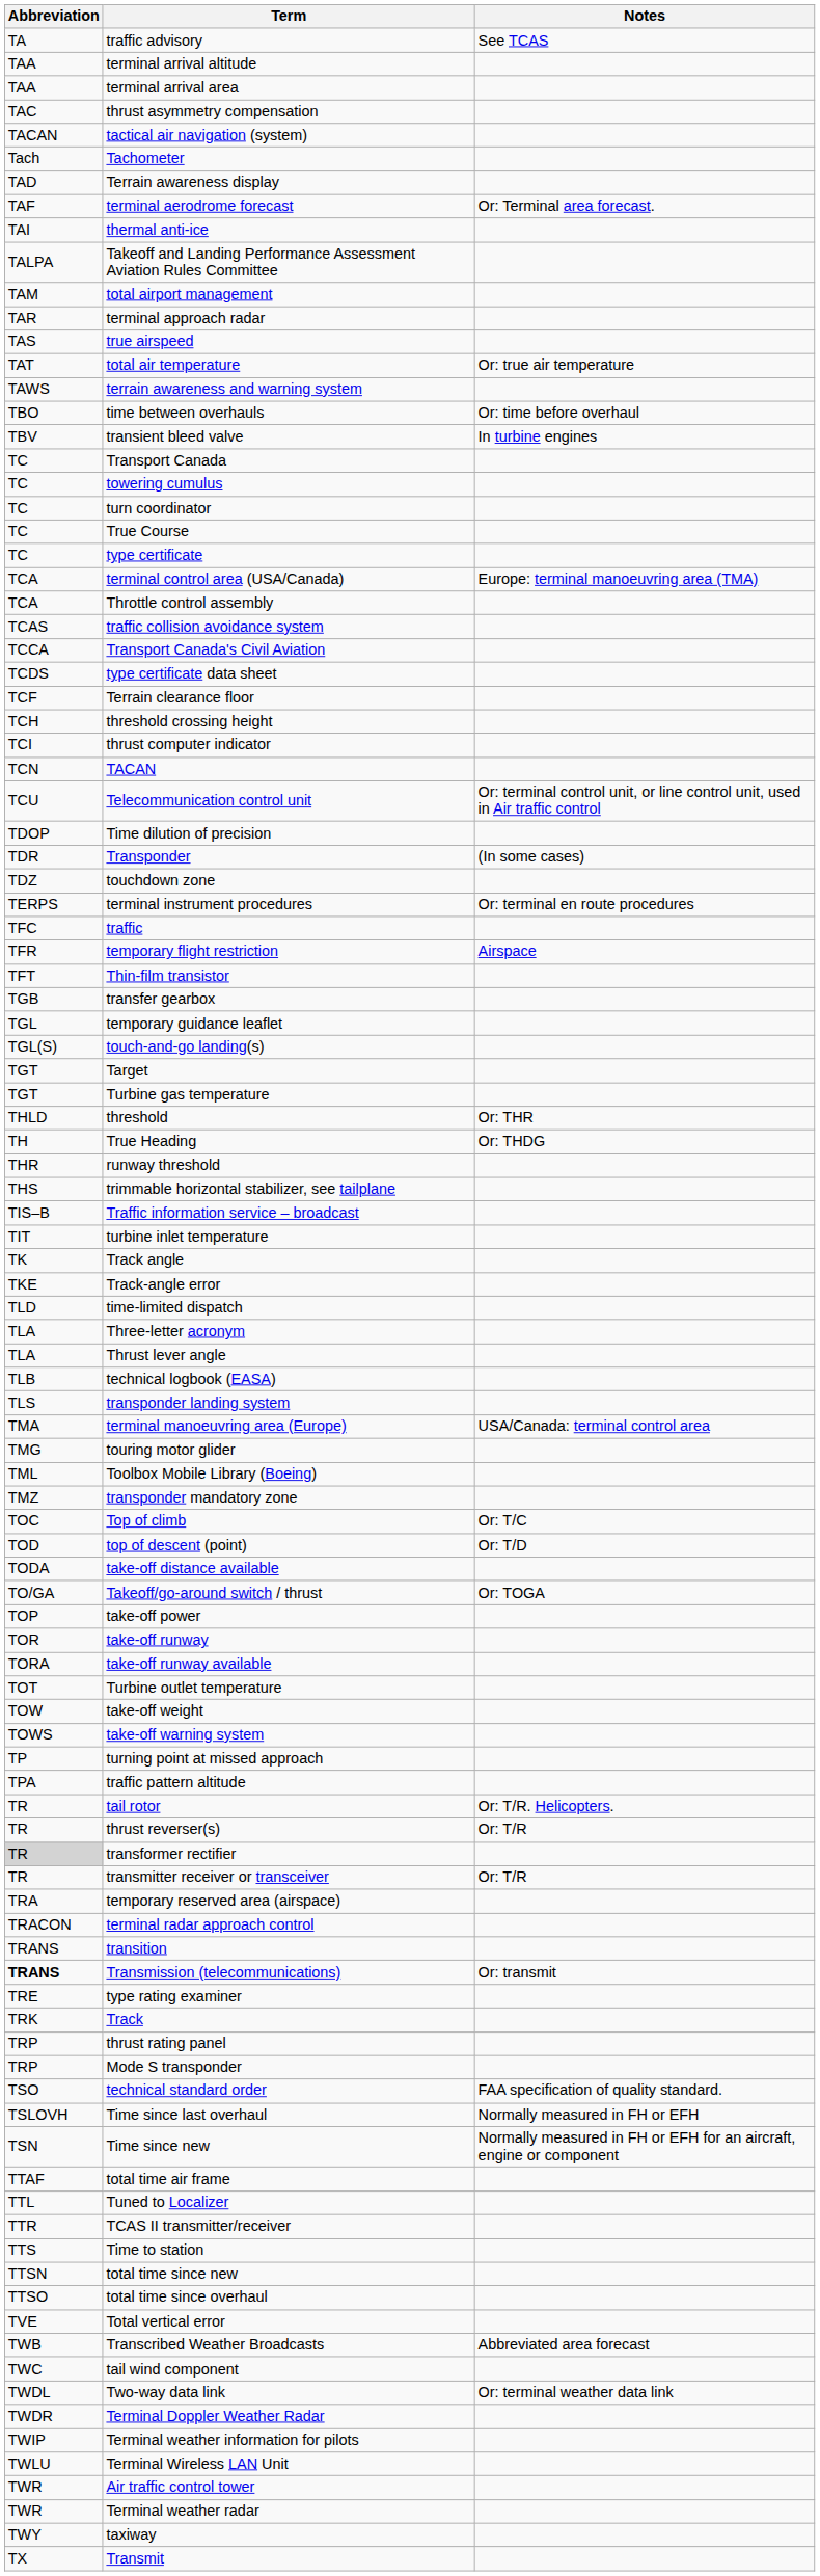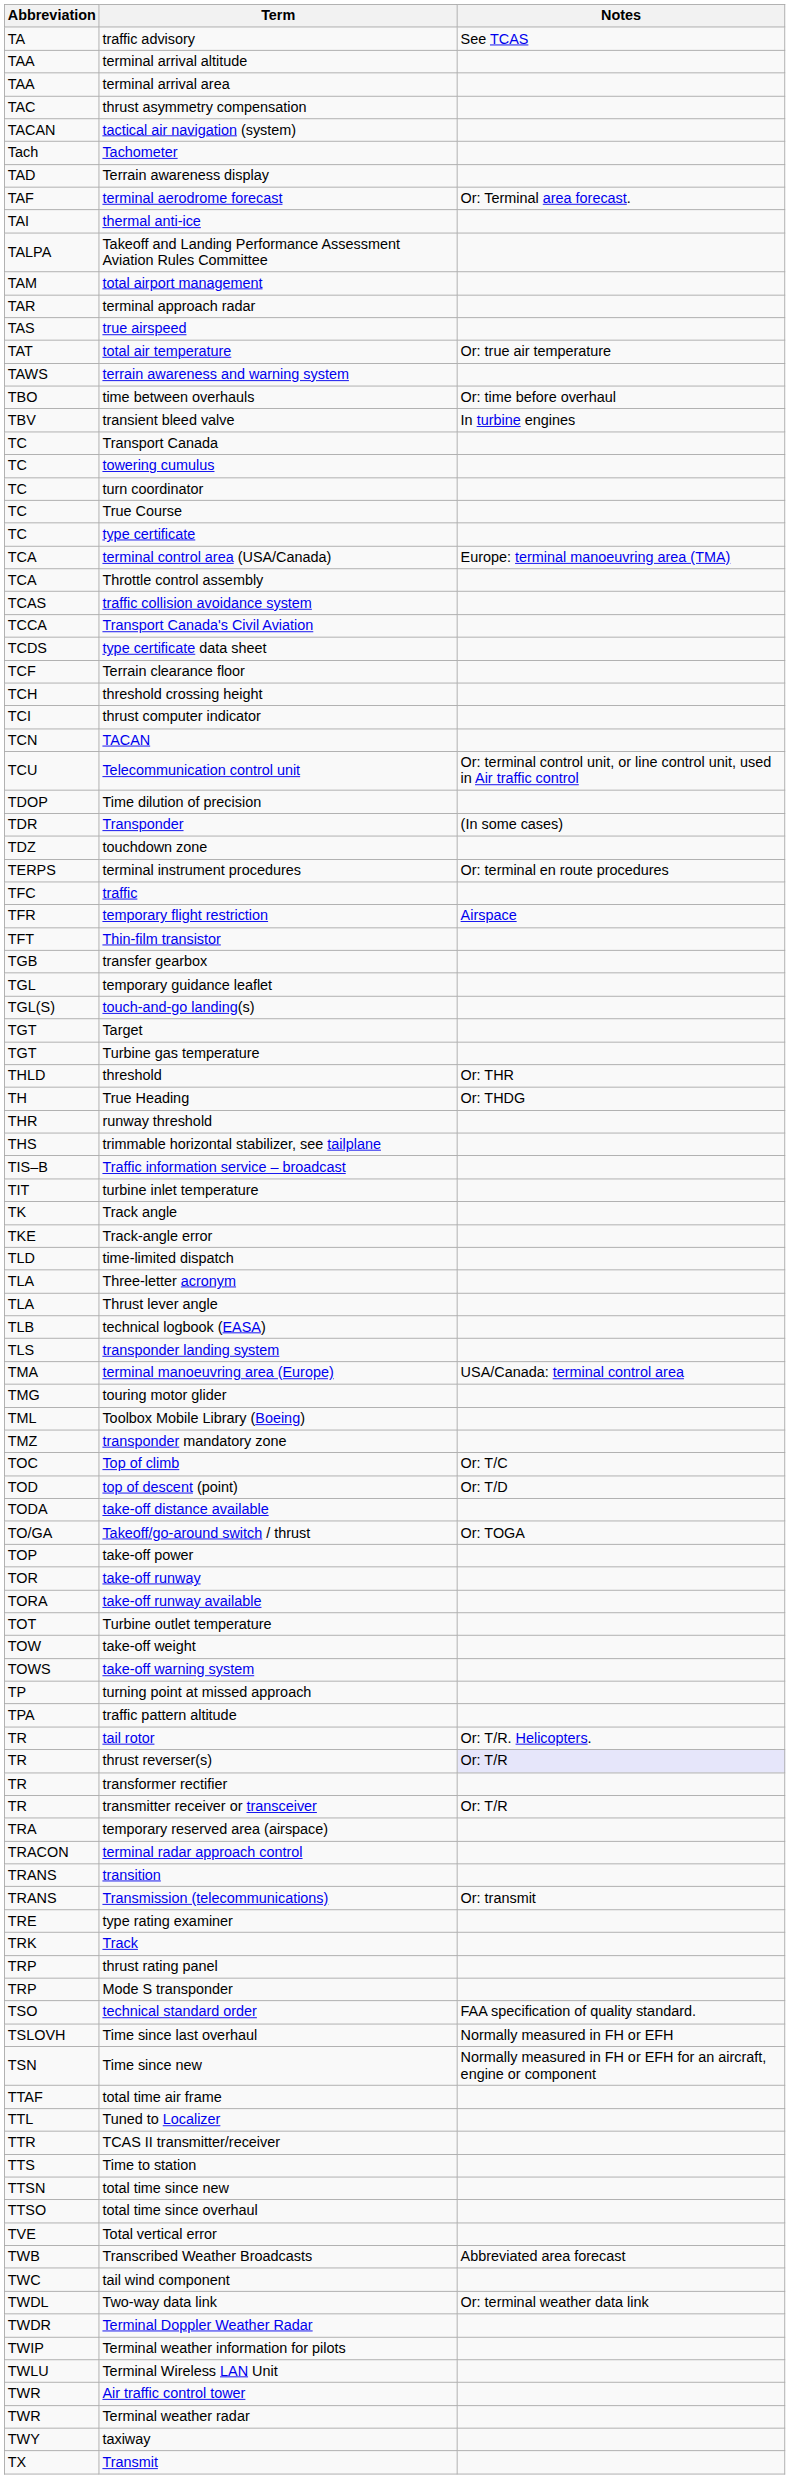 <table class="wikitable">
 <tr>
 <th>Abbreviation</th>
 <th>Term</th>
 <th>Notes</th>
 </tr>
 <tr>
 <td>TA</td>
 <td>traffic advisory</td>
 <td>See <a href='#'>TCAS</a></td>
 </tr>
 <tr>
 <td>TAA</td>
 <td>terminal arrival altitude</td>
 <td></td>
 </tr>
 <tr>
 <td>TAA</td>
 <td>terminal arrival area</td>
 <td></td>
 </tr>
 <tr>
 <td>TAC</td>
 <td>thrust asymmetry compensation</td>
 <td></td>
 </tr>
 <tr>
 <td>TACAN</td>
 <td><a href='#'>tactical air navigation</a> (system)</td>
 <td></td>
 </tr>
 <tr>
 <td>Tach</td>
 <td><a href='#'>Tachometer</a></td>
 <td></td>
 </tr>
 <tr>
 <td>TAD</td>
 <td>Terrain awareness display</td>
 <td></td>
 </tr>
 <tr>
 <td>TAF</td>
 <td><a href='#'>terminal aerodrome forecast</a></td>
 <td>Or: Terminal <a href='#'>area forecast</a>.</td>
 </tr>
 <tr>
 <td>TAI</td>
 <td><a href='#'>thermal anti-ice</a></td>
 <td></td>
 </tr>
 <tr>
 <td>TALPA</td>
 <td>Takeoff and Landing Performance Assessment Aviation Rules Committee</td>
 </tr>
 <tr>
 <td>TAM</td>
 <td><a href='#'>total airport management</a></td>
 <td></td>
 </tr>
 <tr>
 <td>TAR</td>
 <td>terminal approach radar</td>
 <td></td>
 </tr>
 <tr>
 <td>TAS</td>
 <td><a href='#'>true airspeed</a></td>
 <td></td>
 </tr>
 <tr>
 <td>TAT</td>
 <td><a href='#'>total air temperature</a></td>
 <td>Or: true air temperature</td>
 </tr>
 <tr>
 <td>TAWS</td>
 <td><a href='#'>terrain awareness and warning system</a></td>
 <td></td>
 </tr>
 <tr>
 <td>TBO</td>
 <td>time between overhauls</td>
 <td>Or: time before overhaul</td>
 </tr>
 <tr>
 <td>TBV</td>
 <td>transient bleed valve</td>
 <td>In <a href='#'>turbine</a> engines</td>
 </tr>
 <tr>
 <td>TC</td>
 <td>Transport Canada</td>
 <td></td>
 </tr>
 <tr>
 <td>TC</td>
 <td><a href='#'>towering cumulus</a></td>
 <td></td>
 </tr>
 <tr>
 <td>TC</td>
 <td>turn coordinator</td>
 <td></td>
 </tr>
 <tr>
 <td>TC</td>
 <td>True Course</td>
 <td></td>
 </tr>
 <tr>
 <td>TC</td>
 <td><a href='#'>type certificate</a></td>
 <td></td>
 </tr>
 <tr>
 <td>TCA</td>
 <td><a href='#'>terminal control area</a> (USA/Canada)</td>
 <td>Europe: <a href='#'>terminal manoeuvring area (TMA)</a></td>
 </tr>
 <tr>
 <td>TCA</td>
 <td>Throttle control assembly</td>
 <td></td>
 </tr>
 <tr>
 <td>TCAS</td>
 <td><a href='#'>traffic collision avoidance system</a></td>
 <td></td>
 </tr>
 <tr>
 <td>TCCA</td>
 <td><a href='#'>Transport Canada's Civil Aviation</a></td>
 <td></td>
 </tr>
 <tr>
 <td>TCDS</td>
 <td><a href='#'>type certificate</a> data sheet</td>
 <td></td>
 </tr>
 <tr>
 <td>TCF</td>
 <td>Terrain clearance floor</td>
 <td></td>
 </tr>
 <tr>
 <td>TCH</td>
 <td>threshold crossing height</td>
 <td></td>
 </tr>
 <tr>
 <td>TCI</td>
 <td>thrust computer indicator</td>
 <td></td>
 </tr>
 <tr>
 <td>TCN</td>
 <td><a href='#'>TACAN</a></td>
 <td></td>
 </tr>
 <tr>
 <td>TCU</td>
 <td><a href='#'>Telecommunication control unit</a></td>
 <td>Or: terminal control unit, or line control unit, used in <a href='#'>Air traffic control</a></td>
 </tr>
 <tr>
 <td>TDOP</td>
 <td>Time dilution of precision</td>
 <td></td>
 </tr>
 <tr>
 <td>TDR</td>
 <td><a href='#'>Transponder</a></td>
 <td>(In some cases)</td>
 </tr>
 <tr>
 <td>TDZ</td>
 <td>touchdown zone</td>
 <td></td>
 </tr>
 <tr>
 <td>TERPS</td>
 <td>terminal instrument procedures</td>
 <td>Or: terminal en route procedures</td>
 </tr>
 <tr>
 <td>TFC</td>
 <td><a href='#'>traffic</a></td>
 <td></td>
 </tr>
 <tr>
 <td>TFR</td>
 <td><a href='#'>temporary flight restriction</a></td>
 <td><a href='#'>Airspace</a></td>
 </tr>
 <tr>
 <td>TFT</td>
 <td><a href='#'>Thin-film transistor</a></td>
 <td></td>
 </tr>
 <tr>
 <td>TGB</td>
 <td>transfer gearbox</td>
 <td></td>
 </tr>
 <tr>
 <td>TGL</td>
 <td>temporary guidance leaflet</td>
 <td></td>
 </tr>
 <tr>
 <td>TGL(S)</td>
 <td><a href='#'>touch-and-go landing</a>(s)</td>
 <td></td>
 </tr>
 <tr>
 <td>TGT</td>
 <td>Target</td>
 <td></td>
 </tr>
 <tr>
 <td>TGT</td>
 <td>Turbine gas temperature</td>
 <td></td>
 </tr>
 <tr>
 <td>THLD</td>
 <td>threshold</td>
 <td>Or: THR</td>
 </tr>
 <tr>
 <td>TH</td>
 <td>True Heading</td>
 <td>Or: THDG</td>
 </tr>
 <tr>
 <td>THR</td>
 <td>runway threshold</td>
 <td></td>
 </tr>
 <tr>
 <td>THS</td>
 <td>trimmable horizontal stabilizer, see <a href='#'>tailplane</a></td>
 <td></td>
 </tr>
 <tr>
 <td>TIS–B</td>
 <td><a href='#'>Traffic information service – broadcast</a></td>
 <td></td>
 </tr>
 <tr>
 <td>TIT</td>
 <td>turbine inlet temperature</td>
 <td></td>
 </tr>
 <tr>
 <td>TK</td>
 <td>Track angle</td>
 <td></td>
 </tr>
 <tr>
 <td>TKE</td>
 <td>Track-angle error</td>
 <td></td>
 </tr>
 <tr>
 <td>TLD</td>
 <td>time-limited dispatch</td>
 <td></td>
 </tr>
 <tr>
 <td>TLA</td>
 <td>Three-letter <a href='#'>acronym</a></td>
 <td></td>
 </tr>
 <tr>
 <td>TLA</td>
 <td>Thrust lever angle</td>
 <td></td>
 </tr>
 <tr>
 <td>TLB</td>
 <td>technical logbook (<a href='#'>EASA</a>)</td>
 <td></td>
 </tr>
 <tr>
 <td>TLS</td>
 <td><a href='#'>transponder landing system</a></td>
 <td></td>
 </tr>
 <tr>
 <td>TMA</td>
 <td><a href='#'>terminal manoeuvring area (Europe)</a></td>
 <td>USA/Canada: <a href='#'>terminal control area</a></td>
 </tr>
 <tr>
 <td>TMG</td>
 <td>touring motor glider</td>
 </tr>
 <tr>
 <td>TML</td>
 <td>Toolbox Mobile Library (<a href='#'>Boeing</a>)</td>
 <td></td>
 </tr>
 <tr>
 <td>TMZ</td>
 <td><a href='#'>transponder</a> mandatory zone</td>
 <td></td>
 </tr>
 <tr>
 <td>TOC</td>
 <td><a href='#'>Top of climb</a></td>
 <td>Or: T/C</td>
 </tr>
 <tr>
 <td>TOD</td>
 <td><a href='#'>top of descent</a> (point)</td>
 <td>Or: T/D</td>
 </tr>
 <tr>
 <td>TODA</td>
 <td><a href='#'>take-off distance available</a></td>
 <td></td>
 </tr>
 <tr>
 <td>TO/GA</td>
 <td><a href='#'>Takeoff/go-around switch</a> / thrust</td>
 <td>Or: TOGA</td>
 </tr>
 <tr>
 <td>TOP</td>
 <td>take-off power</td>
 <td></td>
 </tr>
 <tr>
 <td>TOR</td>
 <td><a href='#'>take-off runway</a></td>
 <td></td>
 </tr>
 <tr>
 <td>TORA</td>
 <td><a href='#'>take-off runway available</a></td>
 <td></td>
 </tr>
 <tr>
 <td>TOT</td>
 <td>Turbine outlet temperature</td>
 <td></td>
 </tr>
 <tr>
 <td>TOW</td>
 <td>take-off weight</td>
 <td></td>
 </tr>
 <tr>
 <td>TOWS</td>
 <td><a href='#'>take-off warning system</a></td>
 <td></td>
 </tr>
 <tr>
 <td>TP</td>
 <td>turning point at missed approach</td>
 <td></td>
 </tr>
 <tr>
 <td>TPA</td>
 <td>traffic pattern altitude</td>
 <td></td>
 </tr>
 <tr>
 <td>TR</td>
 <td><a href='#'>tail rotor</a></td>
 <td>Or: T/R. <a href='#'>Helicopters</a>.</td>
 </tr>
 <tr>
 <td>TR</td>
 <td>thrust reverser(s)</td>
-<td>Or: T/R</td>
+<td style="background: lavender;">Or: T/R</td>
 </tr>
 <tr>
-<td style="background: lightgrey;">TR</td>
+<td>TR</td>
 <td>transformer rectifier</td>
 <td></td>
 </tr>
 <tr>
 <td>TR</td>
 <td>transmitter receiver or <a href='#'>transceiver</a></td>
 <td>Or: T/R</td>
 </tr>
 <tr>
 <td>TRA</td>
 <td>temporary reserved area (airspace)</td>
 <td></td>
 </tr>
 <tr>
 <td>TRACON</td>
 <td><a href='#'>terminal radar approach control</a></td>
 <td></td>
 </tr>
 <tr>
 <td>TRANS</td>
 <td><a href='#'>transition</a></td>
 <td></td>
 </tr>
 <tr>
-<td><strong>TRANS</strong></td>
+<td>TRANS</td>
 <td><a href='#'>Transmission (telecommunications)</a></td>
 <td>Or: transmit</td>
 </tr>
 <tr>
 <td>TRE</td>
 <td>type rating examiner</td>
 <td></td>
 </tr>
 <tr>
 <td>TRK</td>
 <td><a href='#'>Track</a></td>
 <td></td>
 </tr>
 <tr>
 <td>TRP</td>
 <td>thrust rating panel</td>
 <td></td>
 </tr>
 <tr>
 <td>TRP</td>
 <td>Mode S transponder</td>
 <td></td>
 </tr>
 <tr>
 <td>TSO</td>
 <td><a href='#'>technical standard order</a></td>
 <td>FAA specification of quality standard.</td>
 </tr>
 <tr>
 <td>TSLOVH</td>
 <td>Time since last overhaul</td>
 <td>Normally measured in FH or EFH</td>
 </tr>
 <tr>
 <td>TSN</td>
 <td>Time since new</td>
 <td>Normally measured in FH or EFH for an aircraft, engine or component</td>
 </tr>
 <tr>
 <td>TTAF</td>
 <td>total time air frame</td>
 <td></td>
 </tr>
 <tr>
 <td>TTL</td>
 <td>Tuned to <a href='#'>Localizer</a></td>
 <td></td>
 </tr>
 <tr>
 <td>TTR</td>
 <td>TCAS II transmitter/receiver</td>
 <td></td>
 </tr>
 <tr>
 <td>TTS</td>
 <td>Time to station</td>
 <td></td>
 </tr>
 <tr>
 <td>TTSN</td>
 <td>total time since new</td>
 <td></td>
 </tr>
 <tr>
 <td>TTSO</td>
 <td>total time since overhaul</td>
 <td></td>
 </tr>
 <tr>
 <td>TVE</td>
 <td>Total vertical error</td>
 <td></td>
 </tr>
 <tr>
 <td>TWB</td>
 <td>Transcribed Weather Broadcasts</td>
 <td>Abbreviated area forecast</td>
 </tr>
 <tr>
 <td>TWC</td>
 <td>tail wind component</td>
 <td></td>
 </tr>
 <tr>
 <td>TWDL</td>
 <td>Two-way data link</td>
 <td>Or: terminal weather data link</td>
 </tr>
 <tr>
 <td>TWDR</td>
 <td><a href='#'>Terminal Doppler Weather Radar</a></td>
 <td></td>
 </tr>
 <tr>
 <td>TWIP</td>
 <td>Terminal weather information for pilots</td>
 <td></td>
 </tr>
 <tr>
 <td>TWLU</td>
 <td>Terminal Wireless <a href='#'>LAN</a> Unit</td>
 <td></td>
 </tr>
 <tr>
 <td>TWR</td>
 <td><a href='#'>Air traffic control tower</a></td>
 <td></td>
 </tr>
 <tr>
 <td>TWR</td>
 <td>Terminal weather radar</td>
 <td></td>
 </tr>
 <tr>
 <td>TWY</td>
 <td>taxiway</td>
 <td></td>
 </tr>
 <tr>
 <td>TX</td>
 <td><a href='#'>Transmit</a></td>
 <td></td>
 </tr>
 </table>
